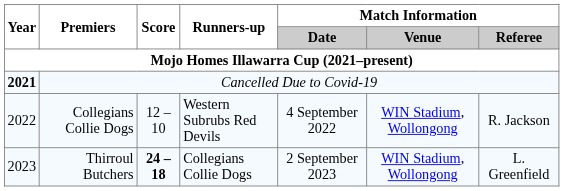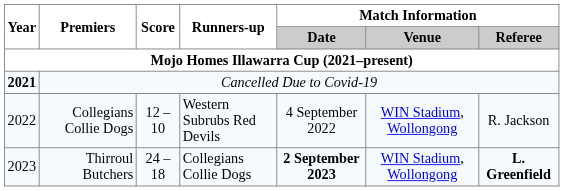 <table border="1" cellpadding="3" cellspacing="0" width="100%" style="border-collapse:collapse;  text-align:center;">
 <tr>
 <th rowspan="2">Year</th>
 <th rowspan="2" width="19%">Premiers</th>
 <th rowspan="2" width="8%">Score</th>
 <th rowspan="2" width="19%">Runners-up</th>
 <th colspan="3">Match Information</th>
 </tr>
 <tr style="background:#CCCCCC">
 <th width="17%">Date</th>
 <th width="22%">Venue</th>
 <th width="50%">Referee</th>
 </tr>
 <tr>
 <th colspan="7">Mojo Homes Illawarra Cup (2021–present)</th>
 </tr>
 <tr style="text-align:center; background:#f5faff;">
 <td><strong>2021</strong></td>
 <td colspan="6"><em>Cancelled Due to Covid-19</em></td>
 </tr>
 <tr style="text-align:center; background:#f5faff;">
 <td>2022</td>
 <td align="right">Collegians Collie Dogs </td>
 <td>12 – 10</td>
 <td align="left"> Western Subrubs Red Devils</td>
 <td>4 September 2022</td>
 <td><a href='#'>WIN Stadium</a>, <a href='#'>Wollongong</a></td>
 <td>R. Jackson</td>
 </tr>
 <tr style="text-align:center; background:#f5faff;">
 <td>2023</td>
 <td align="right">Thirroul Butchers </td>
-<td><strong>24 – 18</strong></td>
+<td>24 – 18</td>
 <td align="left"> Collegians Collie Dogs</td>
-<td>2 September 2023</td>
+<td><strong>2 September 2023</strong></td>
 <td><a href='#'>WIN Stadium</a>, <a href='#'>Wollongong</a></td>
-<td>L. Greenfield</td>
+<td><strong>L. Greenfield</strong></td>
 </tr>
 </table>
